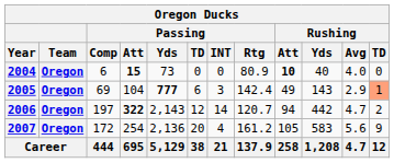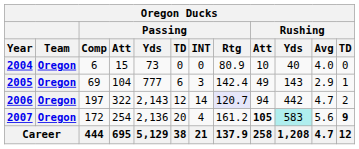 <table class="wikitable" style="text-align:center;">
 <tr>
 <th colspan="12">Oregon Ducks</th>
 </tr>
 <tr>
 <th colspan="2"></th>
 <th colspan="6">Passing</th>
 <th colspan="4">Rushing</th>
 </tr>
 <tr>
 <th>Year</th>
 <th>Team</th>
 <th>Comp</th>
 <th>Att</th>
 <th>Yds</th>
 <th>TD</th>
 <th>INT</th>
 <th>Rtg</th>
 <th>Att</th>
 <th>Yds</th>
 <th>Avg</th>
 <th>TD</th>
 </tr>
 <tr>
 <th><a href='#'>2004</a></th>
 <th><a href='#'>Oregon</a></th>
 <td>6</td>
-<td><strong>15</strong></td>
+<td>15</td>
 <td>73</td>
 <td>0</td>
 <td>0</td>
 <td>80.9</td>
-<td><strong>10</strong></td>
+<td>10</td>
 <td>40</td>
 <td>4.0</td>
 <td>0</td>
 </tr>
 <tr>
 <th><a href='#'>2005</a></th>
 <th><a href='#'>Oregon</a></th>
 <td>69</td>
 <td>104</td>
-<td><strong>777</strong></td>
+<td>777</td>
 <td>6</td>
 <td>3</td>
 <td>142.4</td>
 <td>49</td>
 <td>143</td>
 <td>2.9</td>
-<td style="background: lightsalmon;">1</td>
+<td>1</td>
 </tr>
 <tr>
 <th><a href='#'>2006</a></th>
 <th><a href='#'>Oregon</a></th>
 <td>197</td>
-<td><strong>322</strong></td>
+<td>322</td>
 <td>2,143</td>
 <td>12</td>
 <td>14</td>
-<td>120.7</td>
+<td style="background: lavender;">120.7</td>
 <td>94</td>
 <td>442</td>
 <td>4.7</td>
 <td>2</td>
 </tr>
 <tr>
 <th><a href='#'>2007</a></th>
 <th><a href='#'>Oregon</a></th>
 <td>172</td>
 <td>254</td>
 <td>2,136</td>
 <td>20</td>
 <td>4</td>
 <td>161.2</td>
-<td>105</td>
-<td>583</td>
+<td><strong>105</strong></td>
+<td style="background: paleturquoise;">583</td>
 <td>5.6</td>
-<td>9</td>
+<td><strong>9</strong></td>
 </tr>
 <tr style="background:#eee;">
 <th colspan=2><strong>Career</strong></th>
 <th>444</th>
 <th>695</th>
 <th>5,129</th>
 <th>38</th>
 <th>21</th>
 <th>137.9</th>
 <th>258</th>
 <th>1,208</th>
 <th>4.7</th>
 <th>12</th>
 </tr>
 </table>
